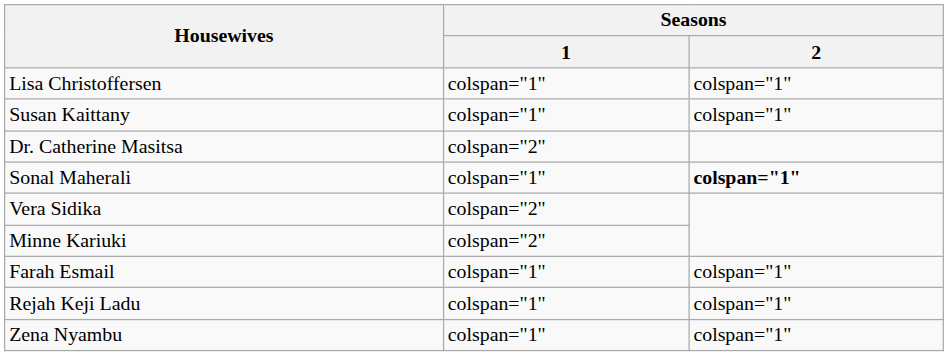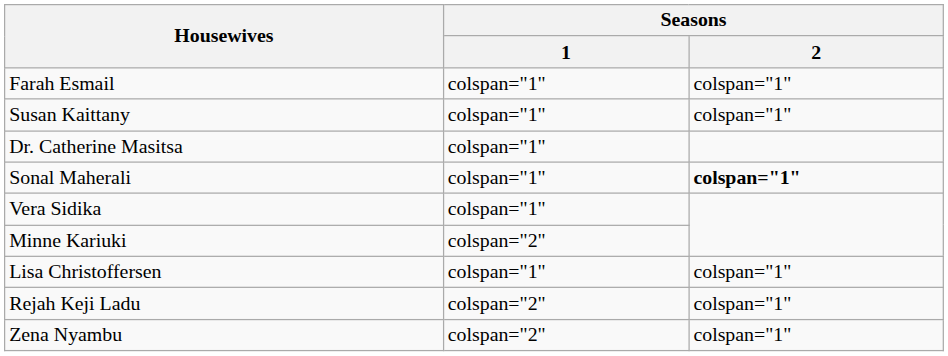 <table class="wikitable plainrowheaders" width="60%">
 <tr>
 <th rowspan="2" scope="col" style="width:10%;">Housewives</th>
 <th colspan="2" scope="col">Seasons</th>
 </tr>
 <tr>
 <th scope="col" style="width:5%;">1</th>
 <th scope="col" style="width:5%;">2</th>
 </tr>
 <tr>
-<td nowrap>Lisa Christoffersen</td>
+<td>Farah Esmail</td>
 <td>colspan="1" </td>
 <td>colspan="1" </td>
 </tr>
 <tr>
 <td>Susan Kaittany</td>
 <td>colspan="1" </td>
 <td>colspan="1" </td>
 </tr>
 <tr>
 <td>Dr. Catherine Masitsa</td>
-<td>colspan="2" </td>
+<td>colspan="1" </td>
 </tr>
 <tr>
 <td>Sonal Maherali</td>
 <td>colspan="1" </td>
 <td><strong>colspan="1" </strong></td>
 </tr>
 <tr>
 <td>Vera Sidika</td>
-<td>colspan="2" </td>
+<td>colspan="1" </td>
 </tr>
 <tr>
 <td>Minne Kariuki</td>
 <td>colspan="2" </td>
 </tr>
 <tr>
-<td>Farah Esmail</td>
+<td nowrap>Lisa Christoffersen</td>
 <td>colspan="1" </td>
 <td>colspan="1" </td>
 </tr>
 <tr>
 <td>Rejah Keji Ladu</td>
-<td>colspan="1" </td>
+<td>colspan="2" </td>
 <td>colspan="1" </td>
 </tr>
 <tr>
 <td nowrap>Zena Nyambu</td>
-<td>colspan="1" </td>
+<td>colspan="2" </td>
 <td>colspan="1" </td>
 </tr>
 </table>
